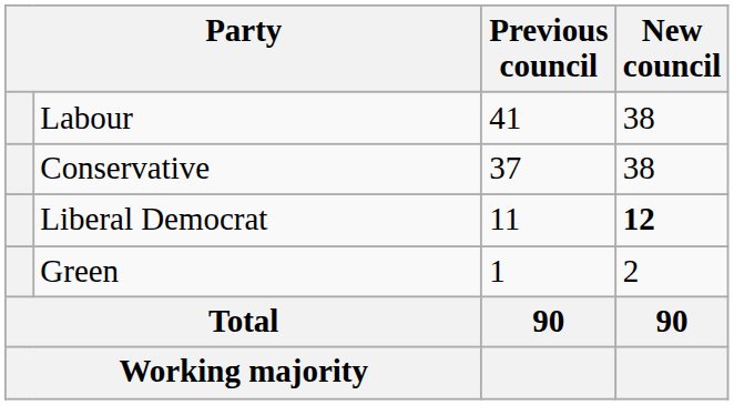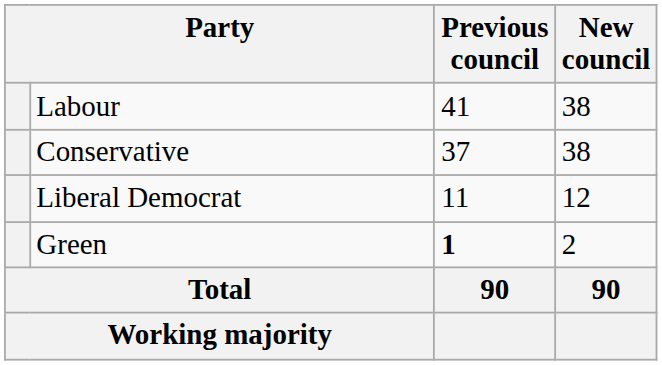 <table class="wikitable">
 <tr>
 <th valign=top colspan="2" style="width: 230px">Party</th>
 <th valign=top style="width: 30px">Previous council</th>
 <th valign=top style="width: 30px">New council</th>
 </tr>
 <tr>
 <th style="background-color: "></th>
 <td>Labour</td>
 <td>41</td>
 <td>38</td>
 </tr>
 <tr>
 <th style="background-color: "></th>
 <td>Conservative</td>
 <td>37</td>
 <td>38</td>
 </tr>
 <tr>
 <th style="background-color: "></th>
 <td>Liberal Democrat</td>
 <td>11</td>
-<td><strong>12</strong></td>
+<td>12</td>
 </tr>
 <tr>
 <th style="background-color: "></th>
 <td>Green</td>
-<td>1</td>
+<td><strong>1</strong></td>
 <td>2</td>
 </tr>
 <tr>
 <th colspan=2>Total</th>
 <th style="text-align: center">90</th>
 <th colspan=3>90</th>
 </tr>
 <tr>
 <th colspan=2>Working majority</th>
 <th></th>
 <th></th>
 </tr>
 </table>
